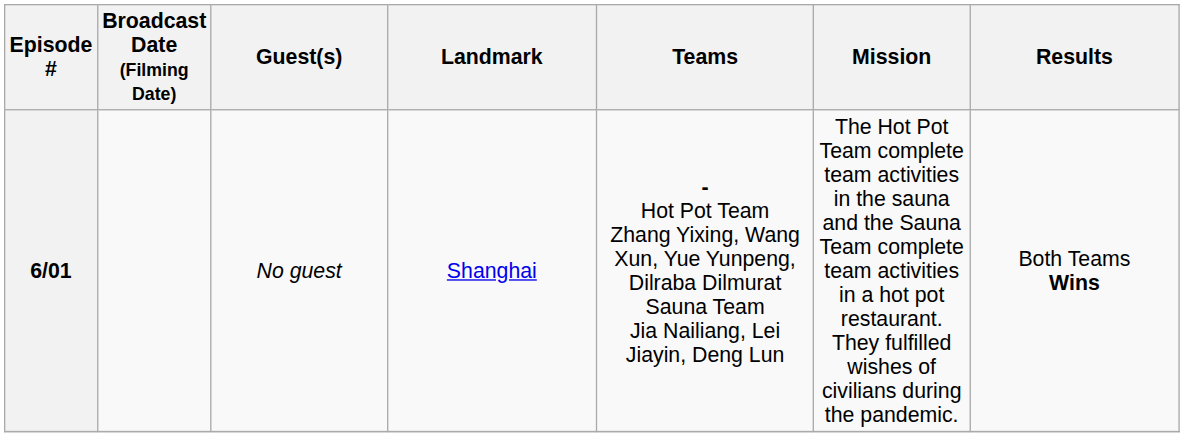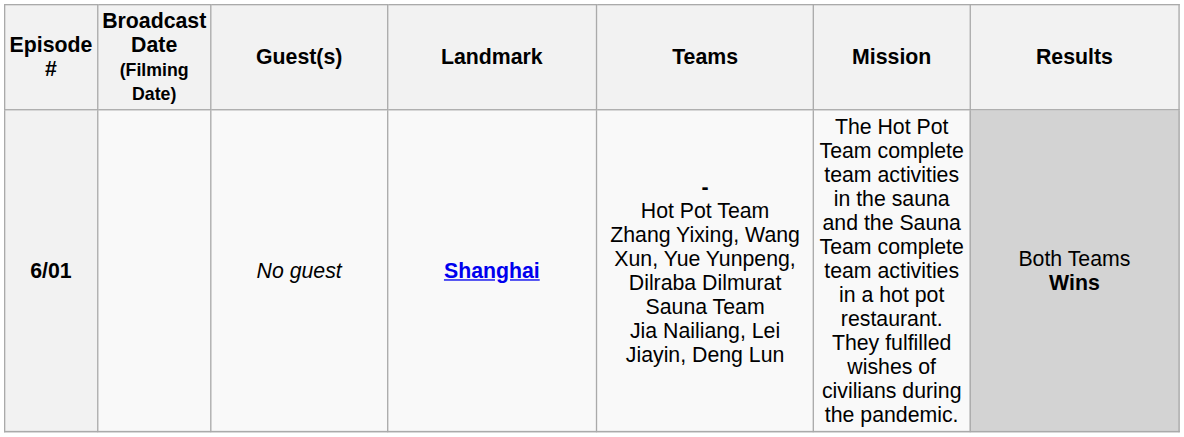 <table class="wikitable" style="text-align:center;width:100%">
 <tr>
 <th style="width:40px;">Episode #</th>
 <th style="width:60px;">Broadcast Date <br><small>(Filming Date)</small></th>
 <th style="width:125px;">Guest(s)</th>
 <th style="width:150px;">Landmark</th>
 <th>Teams</th>
 <th style="width:110px;">Mission</th>
 <th style="width:150px;">Results</th>
 </tr>
 <tr>
 <th>6/01</th>
 <td></td>
 <td><em>No guest</em></td>
-<td><a href='#'>Shanghai</a></td>
+<td><strong><a href='#'>Shanghai</a></strong></td>
 <td><strong>-</strong><br> <span>Hot Pot Team</span><br>Zhang Yixing, Wang Xun, Yue Yunpeng, Dilraba Dilmurat<br><span>Sauna Team</span><br>Jia Nailiang, Lei Jiayin, Deng Lun<br></td>
 <td>The Hot Pot Team complete team activities in the sauna and the Sauna Team complete team activities in a hot pot restaurant. They fulfilled wishes of civilians during the pandemic.</td>
-<td>Both Teams <br><span> <strong>Wins</strong></span></td>
+<td style="background: lightgrey;">Both Teams <br><span> <strong>Wins</strong></span></td>
 </tr>
 <tr>
 </tr>
 </table>
